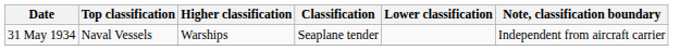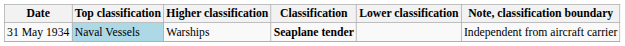 <table class="wikitable">
 <tr>
 <th>Date</th>
 <th>Top classification</th>
 <th>Higher classification</th>
 <th>Classification</th>
 <th>Lower classification</th>
 <th>Note, classification boundary</th>
 </tr>
 <tr>
 <td>31 May 1934</td>
-<td>Naval Vessels</td>
+<td style="background: lightblue;">Naval Vessels</td>
 <td>Warships</td>
-<td>Seaplane tender</td>
+<td><strong>Seaplane tender</strong></td>
 <td></td>
 <td>Independent from aircraft carrier</td>
 </tr>
 <tr>
 </tr>
 </table>
